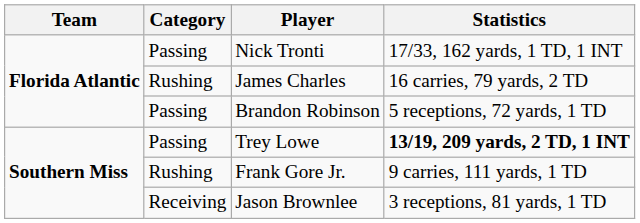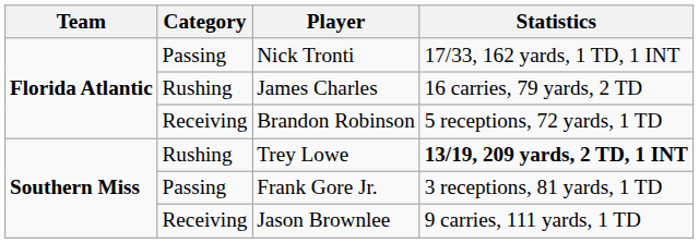 <table class="wikitable" style="float: left;">
 <tr>
 <th>Team</th>
 <th>Category</th>
 <th>Player</th>
 <th>Statistics</th>
 </tr>
 <tr>
 <td rowspan=3><strong>Florida Atlantic</strong></td>
 <td>Passing</td>
 <td>Nick Tronti</td>
 <td>17/33, 162 yards, 1 TD, 1 INT</td>
 </tr>
 <tr>
 <td>Rushing</td>
 <td>James Charles</td>
 <td>16 carries, 79 yards, 2 TD</td>
 </tr>
 <tr>
-<td>Passing</td>
+<td>Receiving</td>
 <td>Brandon Robinson</td>
 <td>5 receptions, 72 yards, 1 TD</td>
 </tr>
 <tr>
 <td rowspan=3><strong>Southern Miss</strong></td>
-<td>Passing</td>
+<td>Rushing</td>
 <td>Trey Lowe</td>
 <td><strong>13/19, 209 yards, 2 TD, 1 INT</strong></td>
 </tr>
 <tr>
-<td>Rushing</td>
+<td>Passing</td>
 <td>Frank Gore Jr.</td>
-<td>9 carries, 111 yards, 1 TD</td>
+<td>3 receptions, 81 yards, 1 TD</td>
 </tr>
 <tr>
 <td>Receiving</td>
 <td>Jason Brownlee</td>
-<td>3 receptions, 81 yards, 1 TD</td>
+<td>9 carries, 111 yards, 1 TD</td>
 </tr>
 </table>
